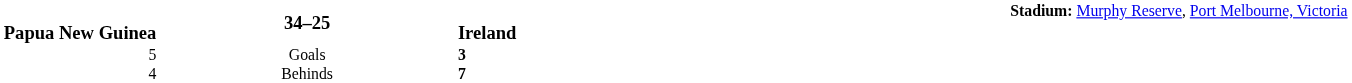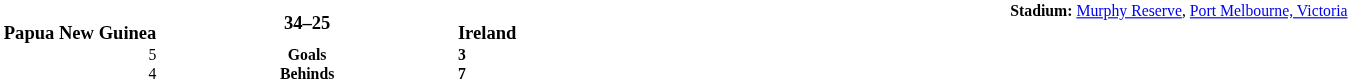 <table style="width: 100%; background: transparent;" cellspacing="0">
 <tr>
 <td align=center valign=top rowspan=3 width=15%></td>
 </tr>
 <tr>
 <td width=24% align=right><br><strong>Papua New Guinea</strong></td>
 <td align=center width=13%><strong>34–25</strong></td>
 <td width=24%><br><strong>Ireland</strong></td>
 <td style=font-size:85% rowspan=2 valign=top><strong>Stadium:</strong> <a href='#'>Murphy Reserve</a>, <a href='#'>Port Melbourne, Victoria</a></td>
 </tr>
 <tr style=font-size:85%>
 <td align=right valign=top>5<br> 4</td>
-<td align=center valign=top>Goals <br>Behinds</td>
+<td align=center valign=top><strong>Goals <br>Behinds</strong></td>
 <td valign=top><strong>3<br> 7</strong></td>
 </tr>
 </table>
